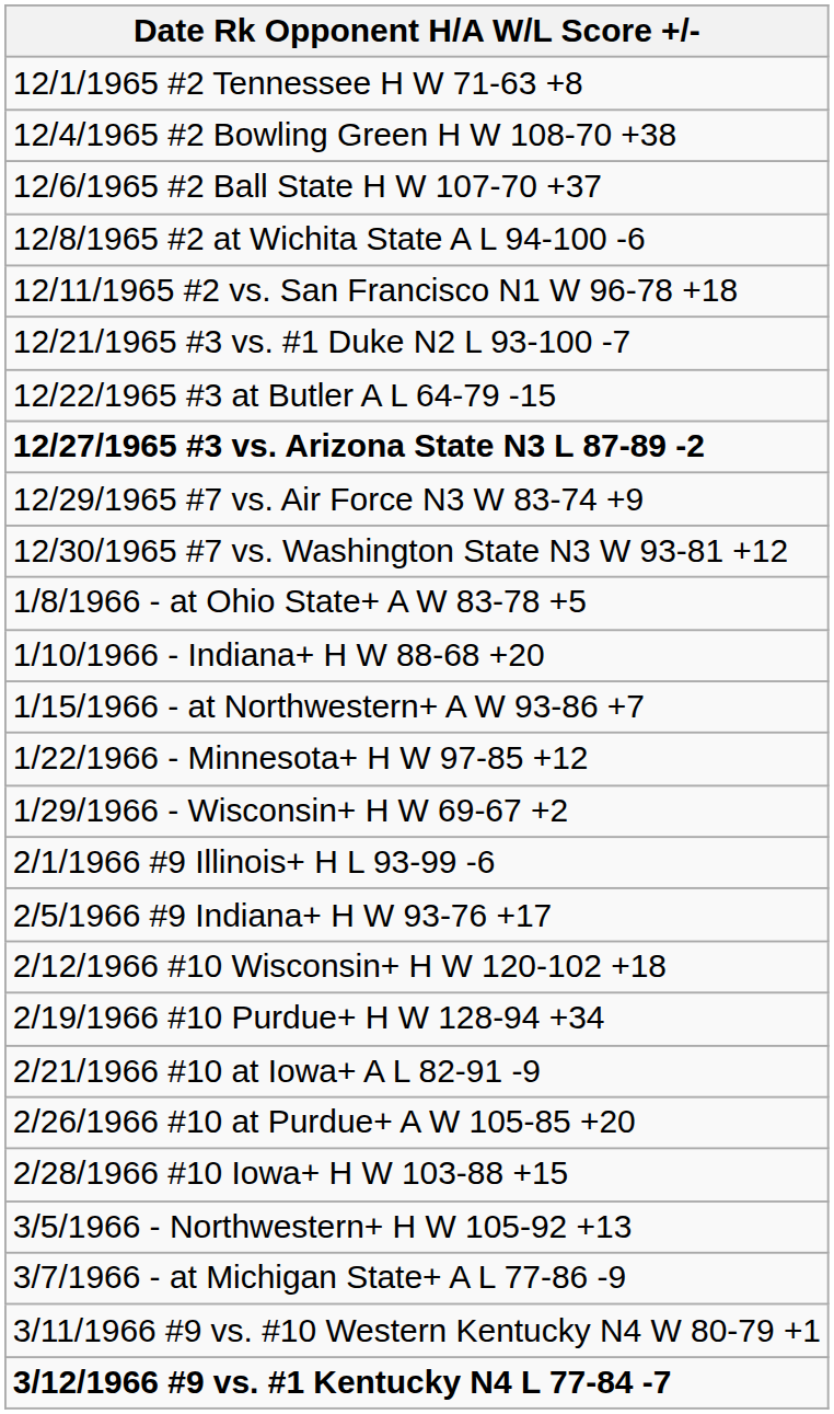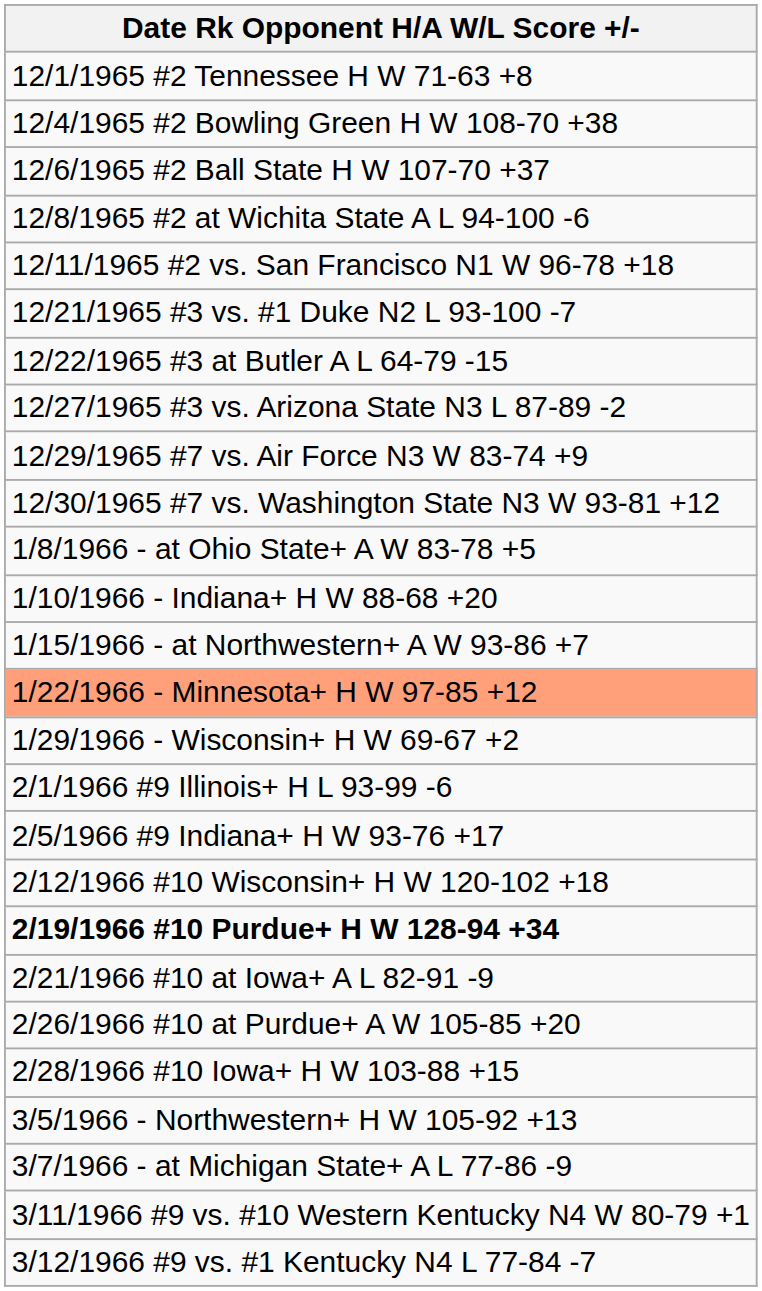 <table class="wikitable">
 <tr>
 <th>Date Rk Opponent H/A W/L Score +/-</th>
 </tr>
 <tr>
 <td>12/1/1965 #2 Tennessee H W 71-63 +8</td>
 </tr>
 <tr>
 <td>12/4/1965 #2 Bowling Green H W 108-70 +38</td>
 </tr>
 <tr>
 <td>12/6/1965 #2 Ball State H W 107-70 +37</td>
 </tr>
 <tr>
 <td>12/8/1965 #2 at Wichita State A L 94-100 -6</td>
 </tr>
 <tr>
 <td>12/11/1965 #2 vs. San Francisco N1 W 96-78 +18</td>
 </tr>
 <tr>
 <td>12/21/1965 #3 vs. #1 Duke N2 L 93-100 -7</td>
 </tr>
 <tr>
 <td>12/22/1965 #3 at Butler A L 64-79 -15</td>
 </tr>
 <tr>
-<td><strong>12/27/1965 #3 vs. Arizona State N3 L 87-89 -2</strong></td>
+<td>12/27/1965 #3 vs. Arizona State N3 L 87-89 -2</td>
 </tr>
 <tr>
 <td>12/29/1965 #7 vs. Air Force N3 W 83-74 +9</td>
 </tr>
 <tr>
 <td>12/30/1965 #7 vs. Washington State N3 W 93-81 +12</td>
 </tr>
 <tr>
 <td>1/8/1966 - at Ohio State+ A W 83-78 +5</td>
 </tr>
 <tr>
 <td>1/10/1966 - Indiana+ H W 88-68 +20</td>
 </tr>
 <tr>
 <td>1/15/1966 - at Northwestern+ A W 93-86 +7</td>
 </tr>
 <tr>
-<td>1/22/1966 - Minnesota+ H W 97-85 +12</td>
+<td style="background: lightsalmon;">1/22/1966 - Minnesota+ H W 97-85 +12</td>
 </tr>
 <tr>
 <td>1/29/1966 - Wisconsin+ H W 69-67 +2</td>
 </tr>
 <tr>
 <td>2/1/1966 #9 Illinois+ H L 93-99 -6</td>
 </tr>
 <tr>
 <td>2/5/1966 #9 Indiana+ H W 93-76 +17</td>
 </tr>
 <tr>
 <td>2/12/1966 #10 Wisconsin+ H W 120-102 +18</td>
 </tr>
 <tr>
-<td>2/19/1966 #10 Purdue+ H W 128-94 +34</td>
+<td><strong>2/19/1966 #10 Purdue+ H W 128-94 +34</strong></td>
 </tr>
 <tr>
 <td>2/21/1966 #10 at Iowa+ A L 82-91 -9</td>
 </tr>
 <tr>
 <td>2/26/1966 #10 at Purdue+ A W 105-85 +20</td>
 </tr>
 <tr>
 <td>2/28/1966 #10 Iowa+ H W 103-88 +15</td>
 </tr>
 <tr>
 <td>3/5/1966 - Northwestern+ H W 105-92 +13</td>
 </tr>
 <tr>
 <td>3/7/1966 - at Michigan State+ A L 77-86 -9</td>
 </tr>
 <tr>
 <td>3/11/1966 #9 vs. #10 Western Kentucky N4 W 80-79 +1</td>
 </tr>
 <tr>
-<td><strong>3/12/1966 #9 vs. #1 Kentucky N4 L 77-84 -7</strong></td>
+<td>3/12/1966 #9 vs. #1 Kentucky N4 L 77-84 -7</td>
 </tr>
 </table>
